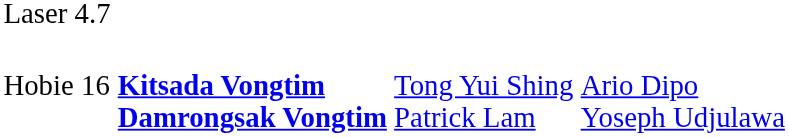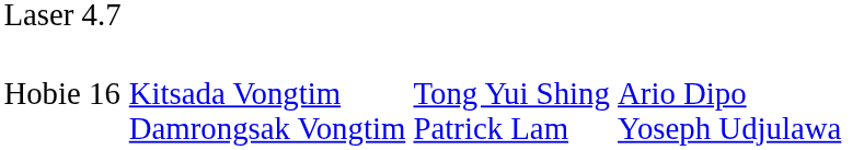 <table>
 <tr>
 <td>Laser 4.7</td>
 <td></td>
 <td></td>
 <td></td>
 </tr>
 <tr>
 <td>Hobie 16</td>
-<td><strong><br><a href='#'>Kitsada Vongtim</a><br><a href='#'>Damrongsak Vongtim</a></strong></td>
+<td><br><a href='#'>Kitsada Vongtim</a><br><a href='#'>Damrongsak Vongtim</a></td>
 <td><br><a href='#'>Tong Yui Shing</a><br><a href='#'>Patrick Lam</a></td>
 <td><br><a href='#'>Ario Dipo</a><br><a href='#'>Yoseph Udjulawa</a></td>
 </tr>
 </table>
